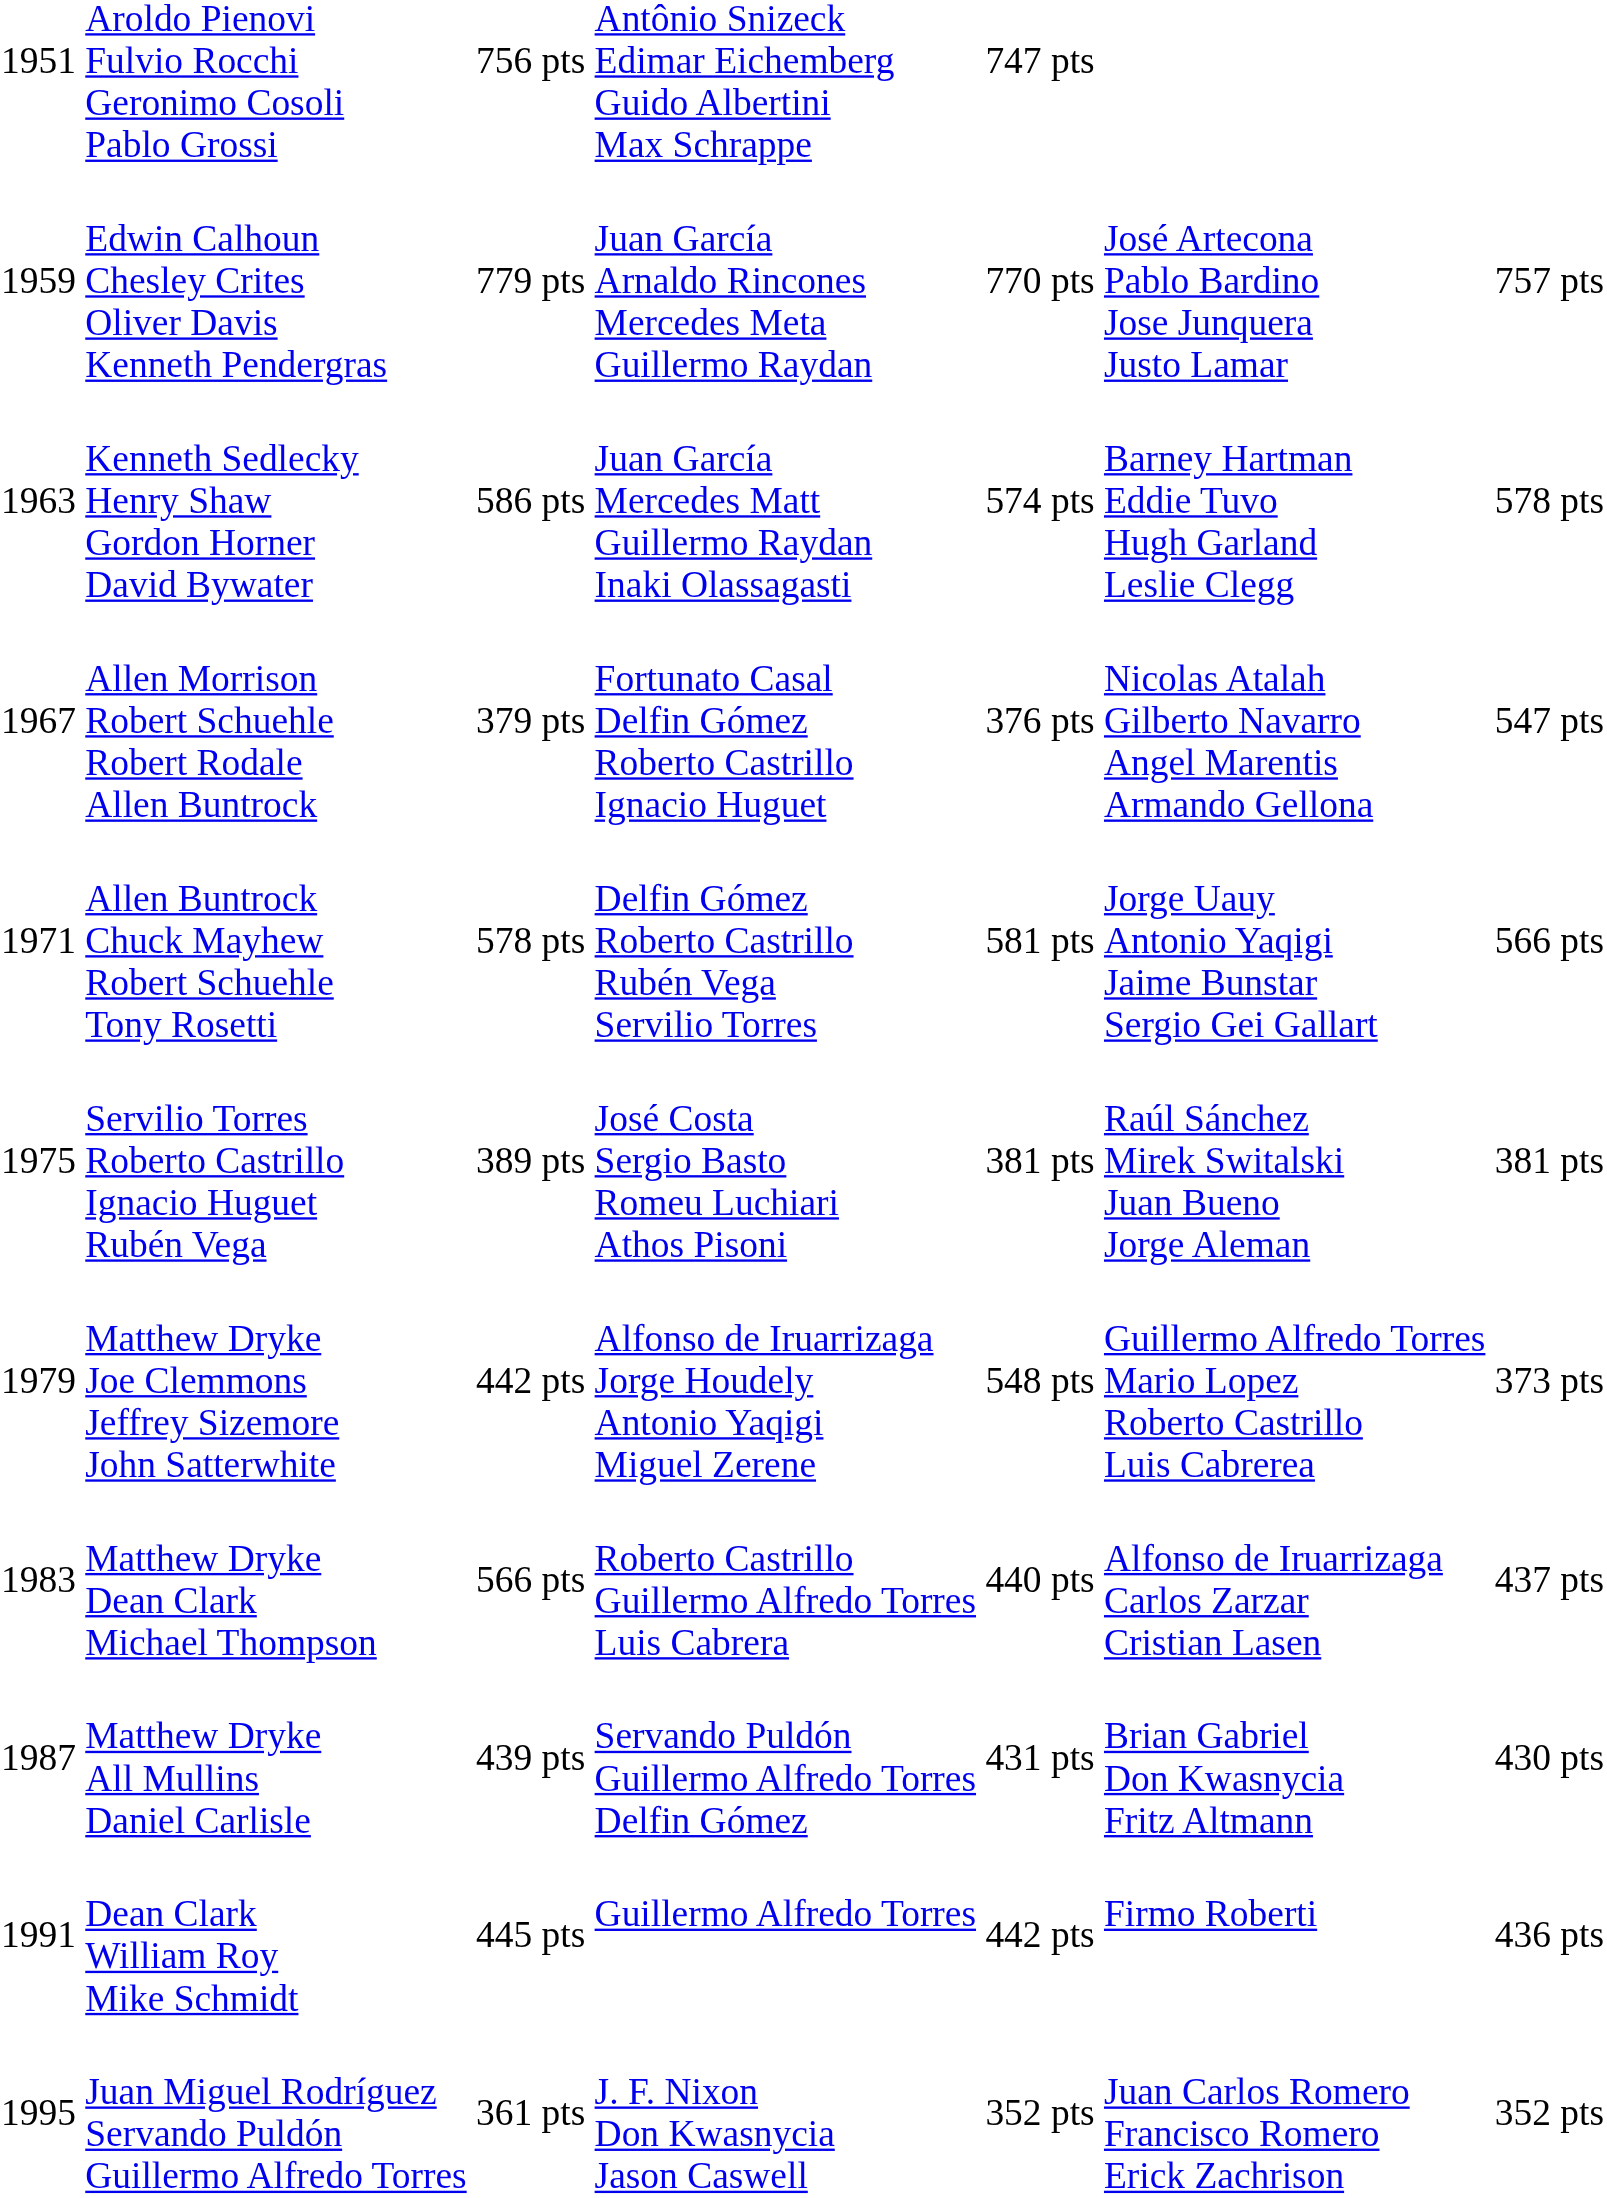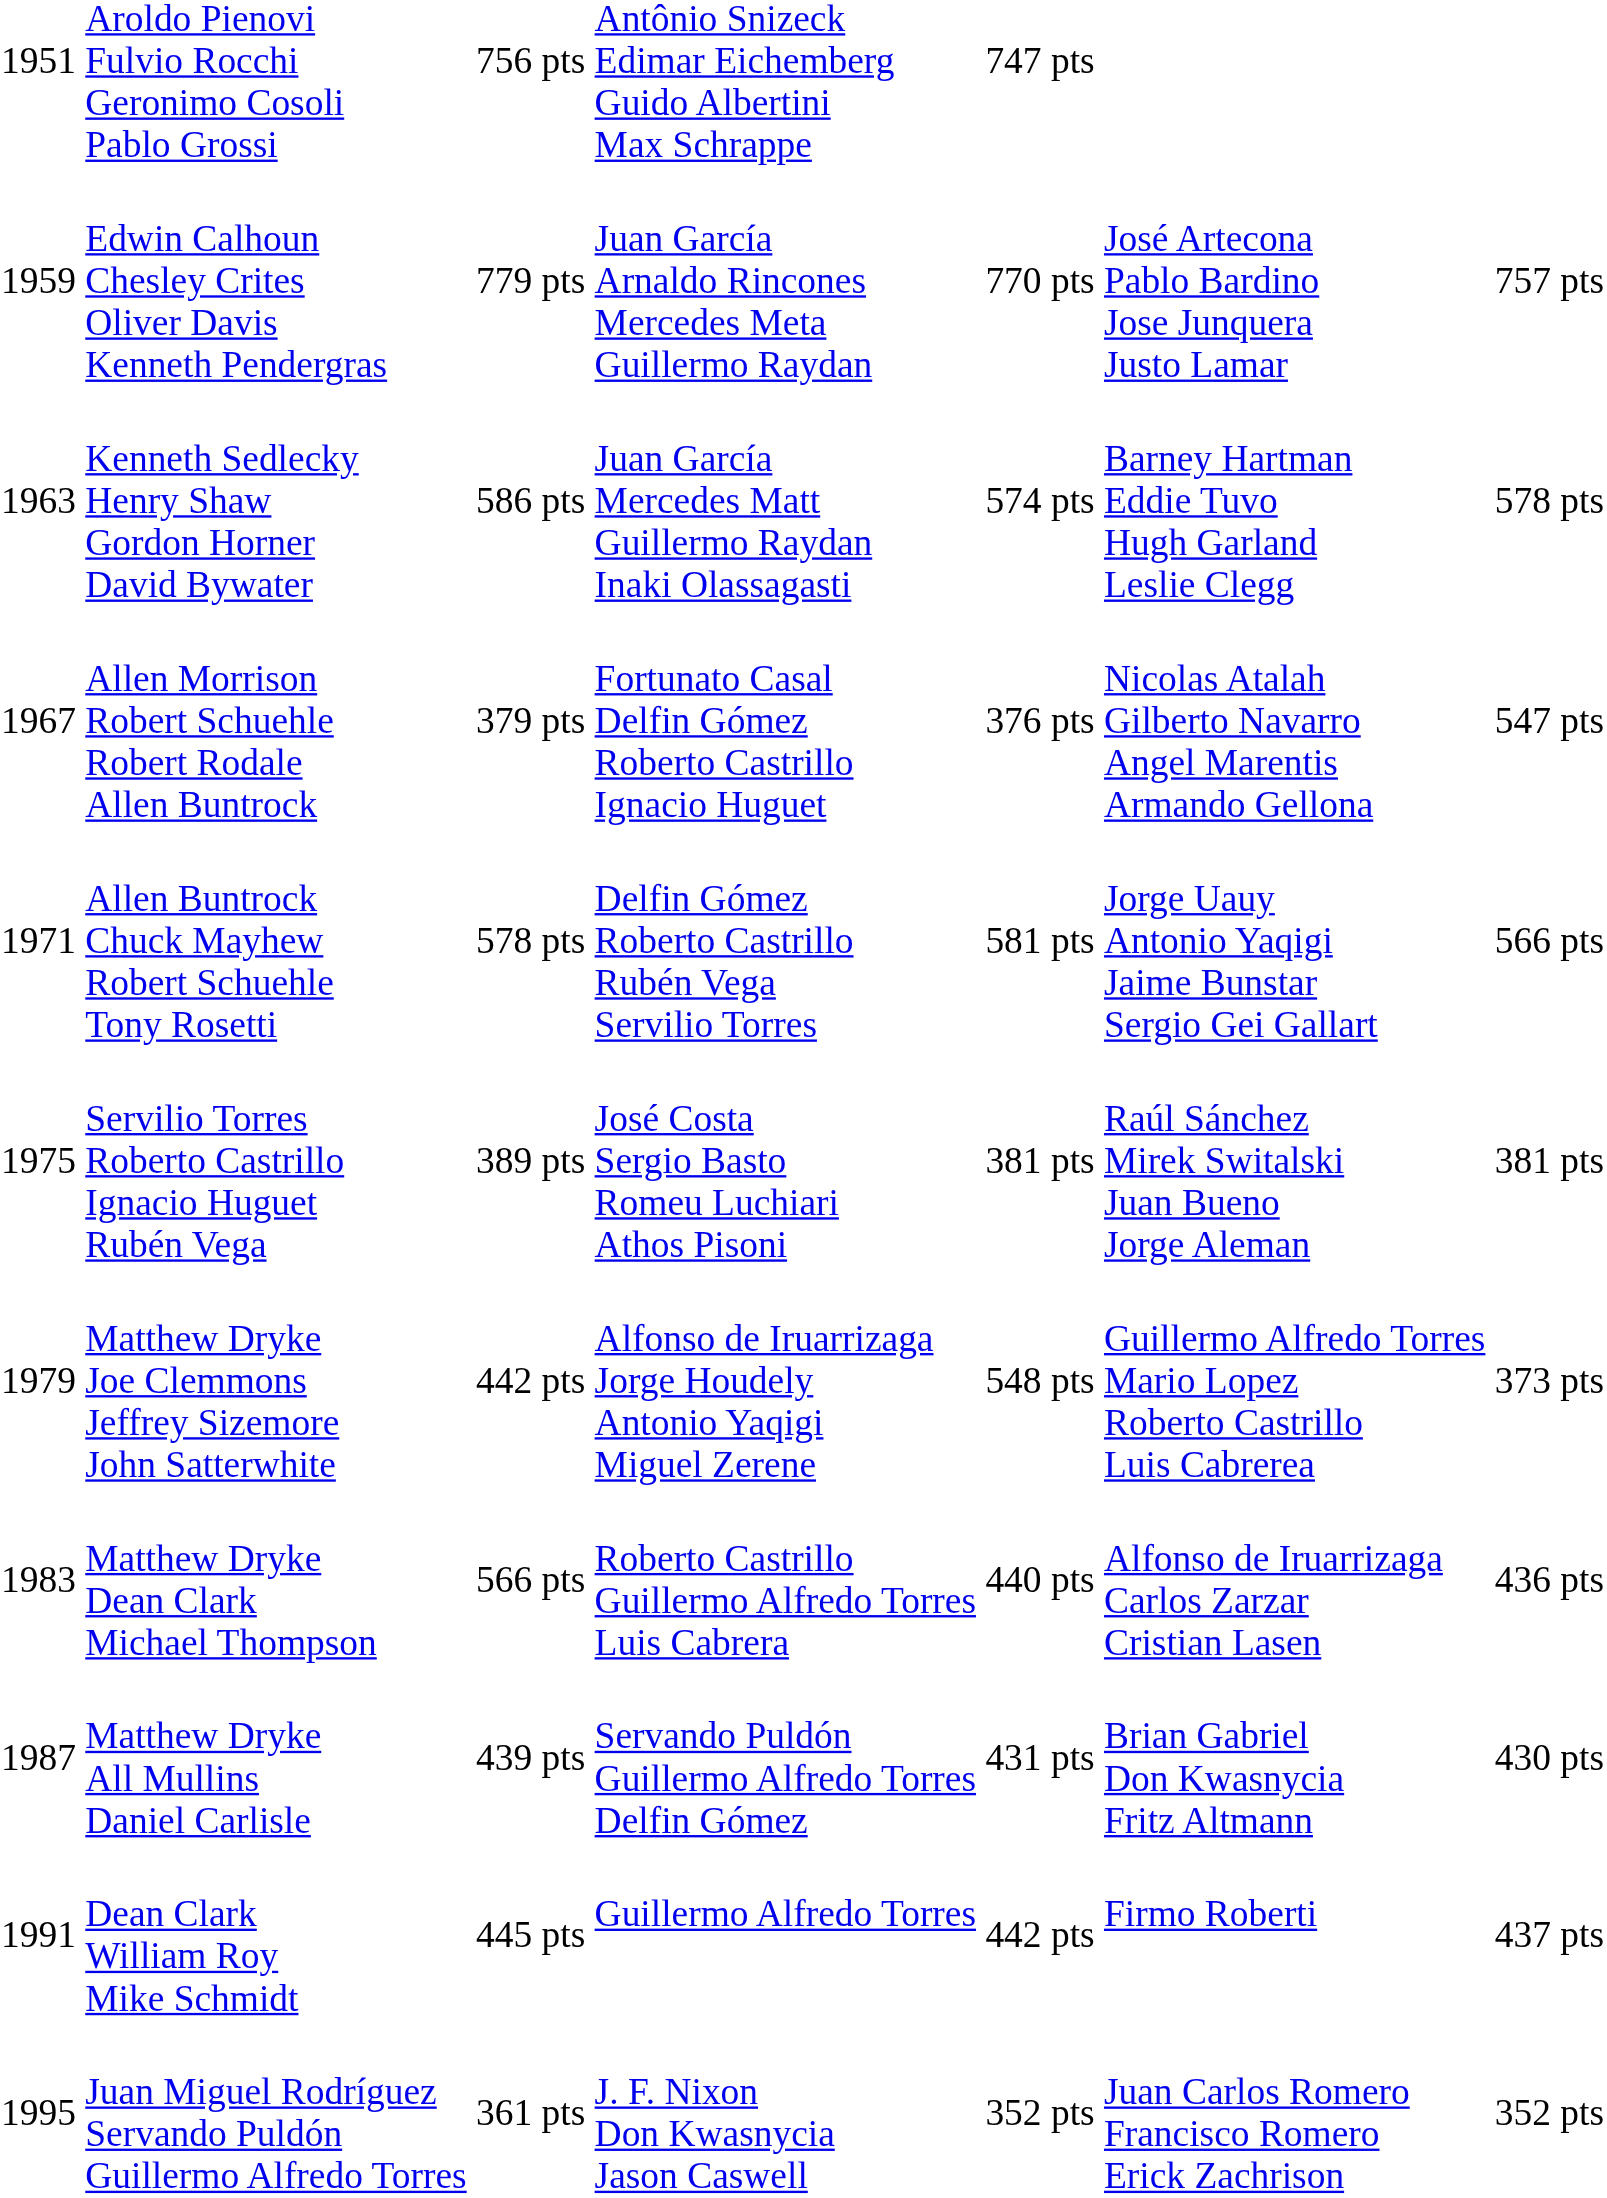 <table>
 <tr>
 <td>1951</td>
 <td><br><a href='#'>Aroldo Pienovi</a> <br> <a href='#'>Fulvio Rocchi</a> <br> <a href='#'>Geronimo Cosoli</a> <br> <a href='#'>Pablo Grossi</a></td>
 <td>756 pts</td>
 <td><br><a href='#'>Antônio Snizeck</a> <br> <a href='#'>Edimar Eichemberg</a> <br> <a href='#'>Guido Albertini</a> <br> <a href='#'>Max Schrappe</a></td>
 <td>747 pts</td>
 <td></td>
 <td></td>
 </tr>
 <tr>
 <td>1959</td>
 <td><br><a href='#'>Edwin Calhoun</a><br><a href='#'>Chesley Crites</a><br><a href='#'>Oliver Davis</a><br><a href='#'>Kenneth Pendergras</a></td>
 <td>779 pts</td>
 <td><br><a href='#'>Juan García</a><br><a href='#'>Arnaldo Rincones</a><br><a href='#'>Mercedes Meta</a><br><a href='#'>Guillermo Raydan</a></td>
 <td>770 pts</td>
 <td><br><a href='#'>José Artecona</a><br><a href='#'>Pablo Bardino</a><br><a href='#'>Jose Junquera</a><br><a href='#'>Justo Lamar</a></td>
 <td>757 pts</td>
 </tr>
 <tr>
 <td>1963</td>
 <td><br><a href='#'>Kenneth Sedlecky</a><br><a href='#'>Henry Shaw</a><br><a href='#'>Gordon Horner</a><br><a href='#'>David Bywater</a></td>
 <td>586 pts</td>
 <td><br><a href='#'>Juan García</a><br><a href='#'>Mercedes Matt</a><br><a href='#'>Guillermo Raydan</a><br><a href='#'>Inaki Olassagasti</a></td>
 <td>574 pts</td>
 <td><br><a href='#'>Barney Hartman</a><br><a href='#'>Eddie Tuvo</a><br><a href='#'>Hugh Garland</a><br><a href='#'>Leslie Clegg</a></td>
 <td>578 pts</td>
 </tr>
 <tr>
 <td>1967</td>
 <td><br><a href='#'>Allen Morrison</a><br><a href='#'>Robert Schuehle</a><br><a href='#'>Robert Rodale</a><br><a href='#'>Allen Buntrock</a></td>
 <td>379 pts</td>
 <td><br><a href='#'>Fortunato Casal</a><br><a href='#'>Delfin Gómez</a><br><a href='#'>Roberto Castrillo</a><br><a href='#'>Ignacio Huguet</a></td>
 <td>376 pts</td>
 <td><br><a href='#'>Nicolas Atalah</a><br><a href='#'>Gilberto Navarro</a><br><a href='#'>Angel Marentis</a><br><a href='#'>Armando Gellona</a></td>
 <td>547 pts</td>
 </tr>
 <tr>
 <td>1971</td>
 <td><br><a href='#'>Allen Buntrock</a><br><a href='#'>Chuck Mayhew</a><br><a href='#'>Robert Schuehle</a><br><a href='#'>Tony Rosetti</a></td>
 <td>578 pts</td>
 <td><br><a href='#'>Delfin Gómez</a><br><a href='#'>Roberto Castrillo</a><br><a href='#'>Rubén Vega</a><br><a href='#'>Servilio Torres</a></td>
 <td>581 pts</td>
 <td><br><a href='#'>Jorge Uauy</a><br><a href='#'>Antonio Yaqigi</a><br><a href='#'>Jaime Bunstar</a><br><a href='#'>Sergio Gei Gallart</a></td>
 <td>566 pts</td>
 </tr>
 <tr>
 <td>1975</td>
 <td><br><a href='#'>Servilio Torres</a><br><a href='#'>Roberto Castrillo</a><br><a href='#'>Ignacio Huguet</a><br><a href='#'>Rubén Vega</a></td>
 <td>389 pts</td>
 <td><br><a href='#'>José Costa</a><br><a href='#'>Sergio Basto</a><br><a href='#'>Romeu Luchiari</a><br><a href='#'>Athos Pisoni</a></td>
 <td>381 pts</td>
 <td><br><a href='#'>Raúl Sánchez</a><br><a href='#'>Mirek Switalski</a><br><a href='#'>Juan Bueno</a><br><a href='#'>Jorge Aleman</a></td>
 <td>381 pts</td>
 </tr>
 <tr>
 <td>1979</td>
 <td><br><a href='#'>Matthew Dryke</a><br><a href='#'>Joe Clemmons</a><br><a href='#'>Jeffrey Sizemore</a><br><a href='#'>John Satterwhite</a></td>
 <td>442 pts</td>
 <td><br><a href='#'>Alfonso de Iruarrizaga</a><br><a href='#'>Jorge Houdely</a><br><a href='#'>Antonio Yaqigi</a><br><a href='#'>Miguel Zerene</a></td>
 <td>548 pts</td>
 <td><br><a href='#'>Guillermo Alfredo Torres</a><br><a href='#'>Mario Lopez</a><br><a href='#'>Roberto Castrillo</a><br><a href='#'>Luis Cabrerea</a></td>
 <td>373 pts</td>
 </tr>
 <tr>
 <td>1983</td>
 <td><br><a href='#'>Matthew Dryke</a><br><a href='#'>Dean Clark</a><br><a href='#'>Michael Thompson</a></td>
 <td>566 pts</td>
 <td><br><a href='#'>Roberto Castrillo</a><br><a href='#'>Guillermo Alfredo Torres</a><br><a href='#'>Luis Cabrera</a></td>
 <td>440 pts</td>
 <td><br><a href='#'>Alfonso de Iruarrizaga</a><br><a href='#'>Carlos Zarzar</a><br><a href='#'>Cristian Lasen</a></td>
-<td>437 pts</td>
+<td>436 pts</td>
 </tr>
 <tr>
 <td>1987</td>
 <td><br><a href='#'>Matthew Dryke</a><br> <a href='#'>All Mullins</a><br> <a href='#'>Daniel Carlisle</a></td>
 <td>439 pts</td>
 <td><br><a href='#'>Servando Puldón</a><br><a href='#'>Guillermo Alfredo Torres</a><br><a href='#'>Delfin Gómez</a></td>
 <td>431 pts</td>
 <td><br><a href='#'>Brian Gabriel</a><br><a href='#'>Don Kwasnycia</a><br><a href='#'>Fritz Altmann</a></td>
 <td>430 pts</td>
 </tr>
 <tr>
 <td>1991</td>
 <td><br><a href='#'>Dean Clark</a><br><a href='#'>William Roy</a><br><a href='#'>Mike Schmidt</a></td>
 <td>445 pts</td>
 <td style="vertical-align:top;"><br><a href='#'>Guillermo Alfredo Torres</a></td>
 <td>442 pts</td>
 <td style="vertical-align:top;"><br><a href='#'>Firmo Roberti</a></td>
-<td>436 pts</td>
+<td>437 pts</td>
 </tr>
 <tr>
 <td>1995</td>
 <td><br><a href='#'>Juan Miguel Rodríguez</a><br><a href='#'>Servando Puldón</a><br><a href='#'>Guillermo Alfredo Torres</a></td>
 <td>361 pts</td>
 <td><br><a href='#'>J. F. Nixon</a><br><a href='#'>Don Kwasnycia</a><br><a href='#'>Jason Caswell</a></td>
 <td>352 pts</td>
 <td><br><a href='#'>Juan Carlos Romero</a><br><a href='#'>Francisco Romero</a><br><a href='#'>Erick Zachrison</a></td>
 <td>352 pts</td>
 </tr>
 </table>
